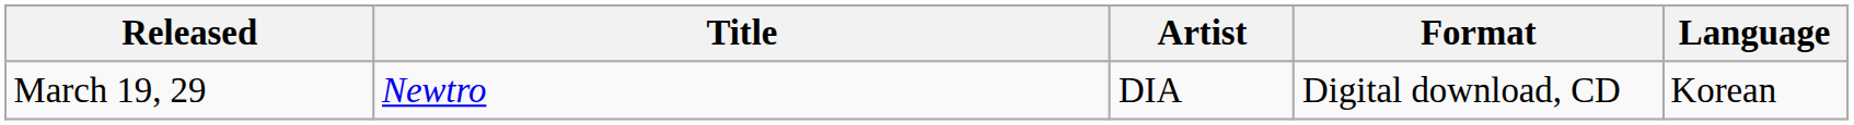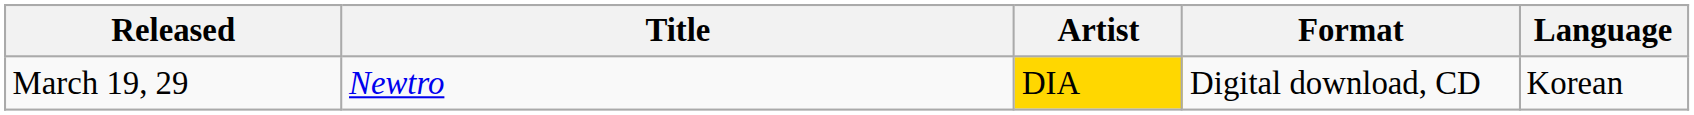 <table class="wikitable sortable" align="left center" style="width:65%;">
 <tr>
 <th style="width:20%;">Released</th>
 <th style="width:40%;">Title</th>
 <th style="width:10%;">Artist</th>
 <th style="width:20%;">Format</th>
 <th style="width:10%;">Language</th>
 </tr>
 <tr>
 <td>March 19, 29</td>
 <td><em><a href='#'>Newtro</a></em></td>
-<td>DIA</td>
+<td style="background: gold;">DIA</td>
 <td>Digital download, CD</td>
 <td rowspan="2">Korean</td>
 </tr>
 </table>
